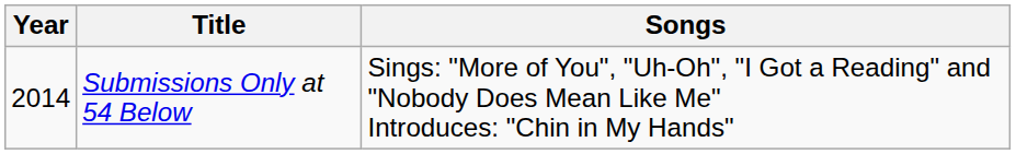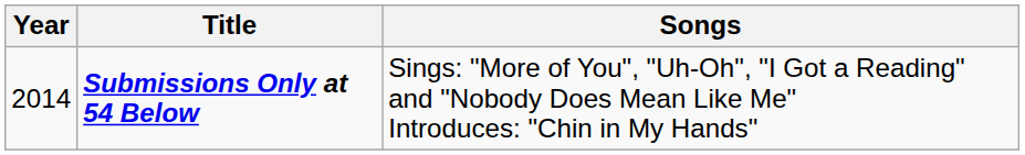 <table class="wikitable sortable">
 <tr>
 <th>Year</th>
 <th>Title</th>
 <th class="unsortable">Songs</th>
 </tr>
 <tr>
 <td>2014</td>
-<td><em><a href='#'>Submissions Only</a> at <a href='#'>54 Below</a></em></td>
+<td><strong><em><a href='#'>Submissions Only</a> at <a href='#'>54 Below</a></em></strong></td>
 <td>Sings: "More of You", "Uh-Oh", "I Got a Reading" and "Nobody Does Mean Like Me"<br>Introduces: "Chin in My Hands"</td>
 </tr>
 </table>
